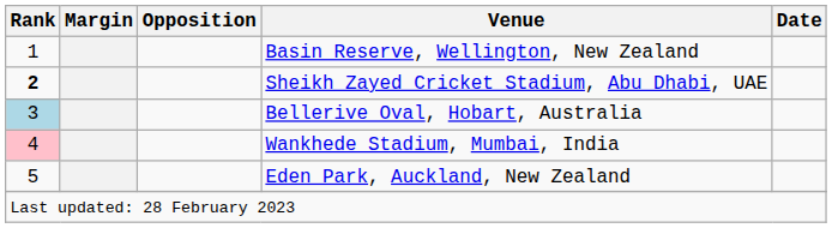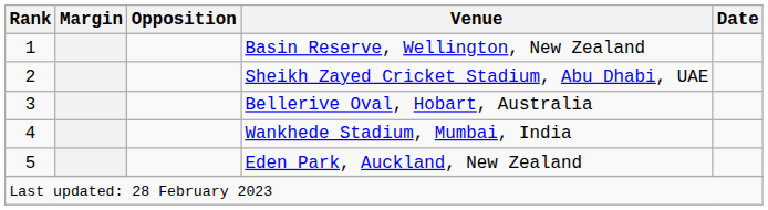 <table class="wikitable plainrowheaders sortable">
 <tr>
 <th scope=col>Rank</th>
 <th scope=col>Margin</th>
 <th scope=col>Opposition</th>
 <th scope=col>Venue</th>
 <th scope=col>Date</th>
 </tr>
 <tr>
 <td align=center>1</td>
 <th scope=row style=text-align:center;></th>
 <td></td>
 <td><a href='#'>Basin Reserve</a>, <a href='#'>Wellington</a>, New Zealand</td>
 <td></td>
 </tr>
 <tr>
-<td align=center><strong>2</strong></td>
+<td align=center>2</td>
 <th scope=row style=text-align:center;></th>
 <td></td>
 <td><a href='#'>Sheikh Zayed Cricket Stadium</a>, <a href='#'>Abu Dhabi</a>, UAE</td>
 <td></td>
 </tr>
 <tr>
-<td align=center style="background: lightblue;">3</td>
+<td align=center>3</td>
 <th scope=row style=text-align:center;></th>
 <td></td>
 <td><a href='#'>Bellerive Oval</a>, <a href='#'>Hobart</a>, Australia</td>
 <td></td>
 </tr>
 <tr>
-<td align=center style="background: pink;">4</td>
+<td align=center>4</td>
 <th scope=row style=text-align:center;></th>
 <td></td>
 <td><a href='#'>Wankhede Stadium</a>, <a href='#'>Mumbai</a>, India</td>
 <td></td>
 </tr>
 <tr>
 <td align=center>5</td>
 <th scope=row style=text-align:center;></th>
 <td></td>
 <td><a href='#'>Eden Park</a>, <a href='#'>Auckland</a>, New Zealand</td>
 <td></td>
 </tr>
 <tr>
 </tr>
 <tr class=sortbottom>
 <td colspan=5><small>Last updated: 28 February 2023</small></td>
 </tr>
 </table>
